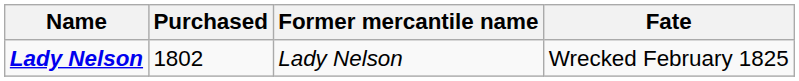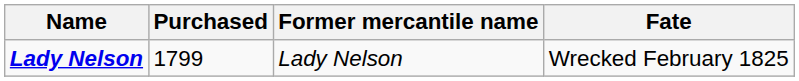 <table class="sortable wikitable">
 <tr>
 <th>Name</th>
 <th>Purchased</th>
 <th>Former mercantile name</th>
 <th>Fate</th>
 </tr>
 <tr>
 <td><strong><a href='#'><em>Lady Nelson</em></a></strong></td>
-<td>1802</td>
+<td>1799</td>
 <td><em>Lady Nelson</em></td>
 <td>Wrecked February 1825</td>
 </tr>
 </table>
